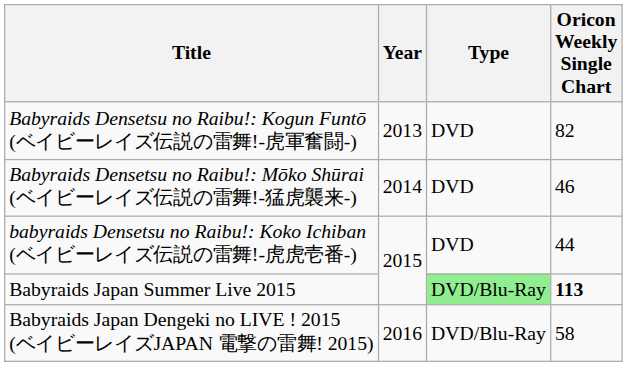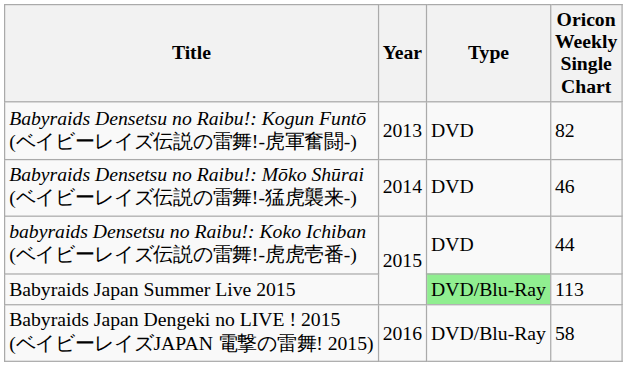 <table class="wikitable">
 <tr>
 <th>Title</th>
 <th>Year</th>
 <th>Type</th>
 <th>Oricon<br>Weekly <br>Single<br>Chart<br></th>
 </tr>
 <tr>
 <td><em>Babyraids Densetsu no Raibu!: Kogun Funtō</em><br>(ベイビーレイズ伝説の雷舞!-虎軍奮闘-)</td>
 <td>2013</td>
 <td>DVD</td>
 <td>82</td>
 </tr>
 <tr>
 <td><em>Babyraids Densetsu no Raibu!: Mōko Shūrai</em><br>(ベイビーレイズ伝説の雷舞!-猛虎襲来-)</td>
 <td>2014</td>
 <td>DVD</td>
 <td>46</td>
 </tr>
 <tr>
 <td><em>babyraids Densetsu no Raibu!: Koko Ichiban</em><br>(ベイビーレイズ伝説の雷舞!-虎虎壱番-)</td>
 <td rowspan="2">2015</td>
 <td>DVD</td>
 <td>44</td>
 </tr>
 <tr>
 <td>Babyraids Japan Summer Live 2015</td>
 <td style="background: lightgreen;">DVD/Blu-Ray</td>
-<td><strong>113</strong></td>
+<td>113</td>
 </tr>
 <tr>
 <td>Babyraids Japan Dengeki no LIVE ! 2015<br>(ベイビーレイズJAPAN 電撃の雷舞! 2015)</td>
 <td>2016</td>
 <td>DVD/Blu-Ray</td>
 <td>58</td>
 </tr>
 </table>
